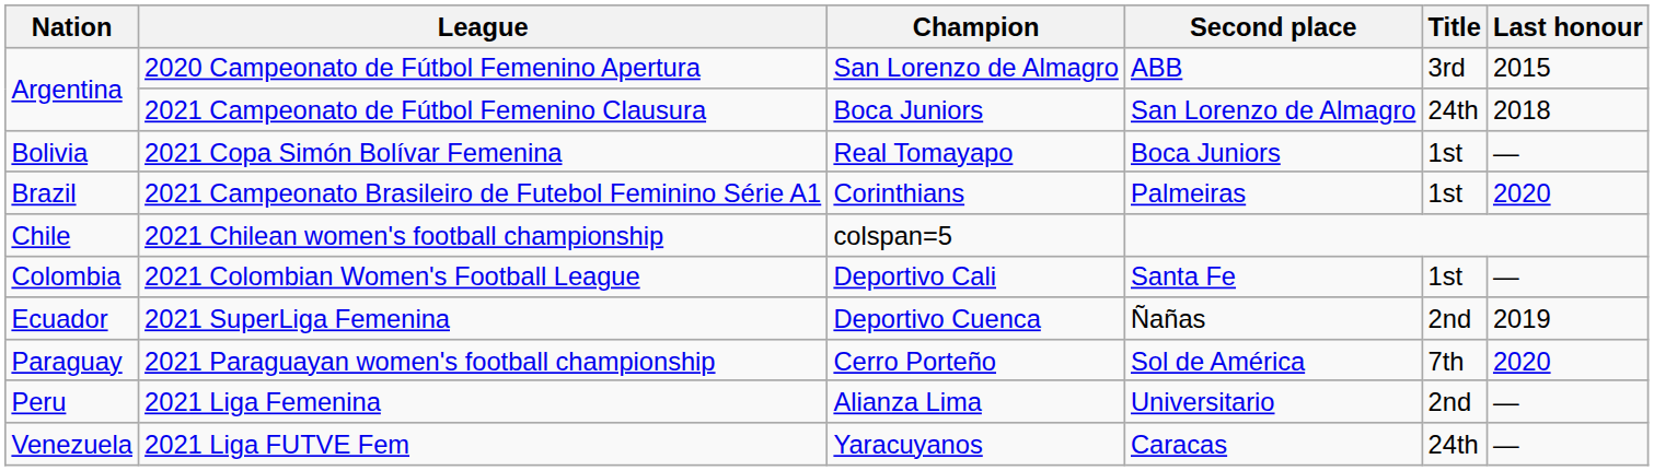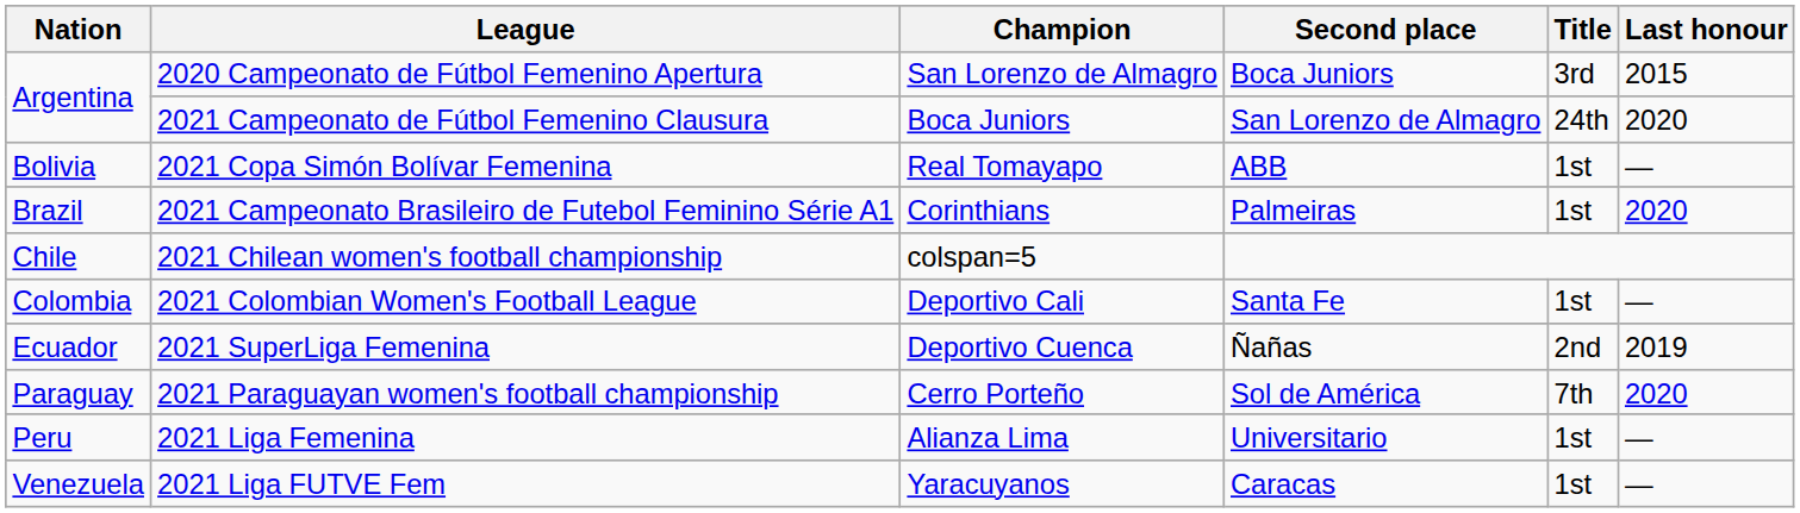 <table class=wikitable style="font-size:14px">
 <tr>
 <th>Nation</th>
 <th>League</th>
 <th>Champion</th>
 <th>Second place</th>
 <th data-sort-type="number">Title</th>
 <th>Last honour</th>
 </tr>
 <tr>
 <td rowspan=2> <a href='#'>Argentina</a></td>
 <td><a href='#'>2020 Campeonato de Fútbol Femenino Apertura</a></td>
 <td><a href='#'>San Lorenzo de Almagro</a></td>
-<td><a href='#'>ABB</a></td>
+<td><a href='#'>Boca Juniors</a></td>
 <td>3rd</td>
 <td>2015</td>
 </tr>
 <tr>
 <td><a href='#'>2021 Campeonato de Fútbol Femenino Clausura</a></td>
 <td><a href='#'>Boca Juniors</a></td>
 <td><a href='#'>San Lorenzo de Almagro</a></td>
 <td>24th</td>
-<td>2018</td>
+<td>2020</td>
 </tr>
 <tr>
 <td> <a href='#'>Bolivia</a></td>
 <td><a href='#'>2021 Copa Simón Bolívar Femenina</a></td>
 <td><a href='#'>Real Tomayapo</a></td>
-<td><a href='#'>Boca Juniors</a></td>
+<td><a href='#'>ABB</a></td>
 <td>1st</td>
 <td>—</td>
 </tr>
 <tr>
 <td> <a href='#'>Brazil</a></td>
 <td><a href='#'>2021 Campeonato Brasileiro de Futebol Feminino Série A1</a></td>
 <td><a href='#'>Corinthians</a></td>
 <td><a href='#'>Palmeiras</a></td>
 <td>1st</td>
 <td><a href='#'>2020</a></td>
 </tr>
 <tr>
 <td> <a href='#'>Chile</a></td>
 <td><a href='#'>2021 Chilean women's football championship</a></td>
 <td>colspan=5 </td>
 </tr>
 <tr>
 <td> <a href='#'>Colombia</a></td>
 <td><a href='#'>2021 Colombian Women's Football League</a></td>
 <td><a href='#'>Deportivo Cali</a></td>
 <td><a href='#'>Santa Fe</a></td>
 <td>1st</td>
 <td>—</td>
 </tr>
 <tr>
 <td> <a href='#'>Ecuador</a></td>
 <td><a href='#'>2021 SuperLiga Femenina</a></td>
 <td><a href='#'>Deportivo Cuenca</a></td>
 <td>Ñañas</td>
 <td>2nd</td>
 <td>2019</td>
 </tr>
 <tr>
 <td> <a href='#'>Paraguay</a></td>
 <td><a href='#'>2021 Paraguayan women's football championship</a></td>
 <td><a href='#'>Cerro Porteño</a></td>
 <td><a href='#'>Sol de América</a></td>
 <td>7th</td>
 <td><a href='#'>2020</a></td>
 </tr>
 <tr>
 <td> <a href='#'>Peru</a></td>
 <td><a href='#'>2021 Liga Femenina</a></td>
 <td><a href='#'>Alianza Lima</a></td>
 <td><a href='#'>Universitario</a></td>
-<td>2nd</td>
+<td>1st</td>
 <td>—</td>
 </tr>
 <tr>
 <td> <a href='#'>Venezuela</a></td>
 <td><a href='#'>2021 Liga FUTVE Fem</a></td>
 <td><a href='#'>Yaracuyanos</a></td>
 <td><a href='#'>Caracas</a></td>
-<td>24th</td>
+<td>1st</td>
 <td>—</td>
 </tr>
 </table>
